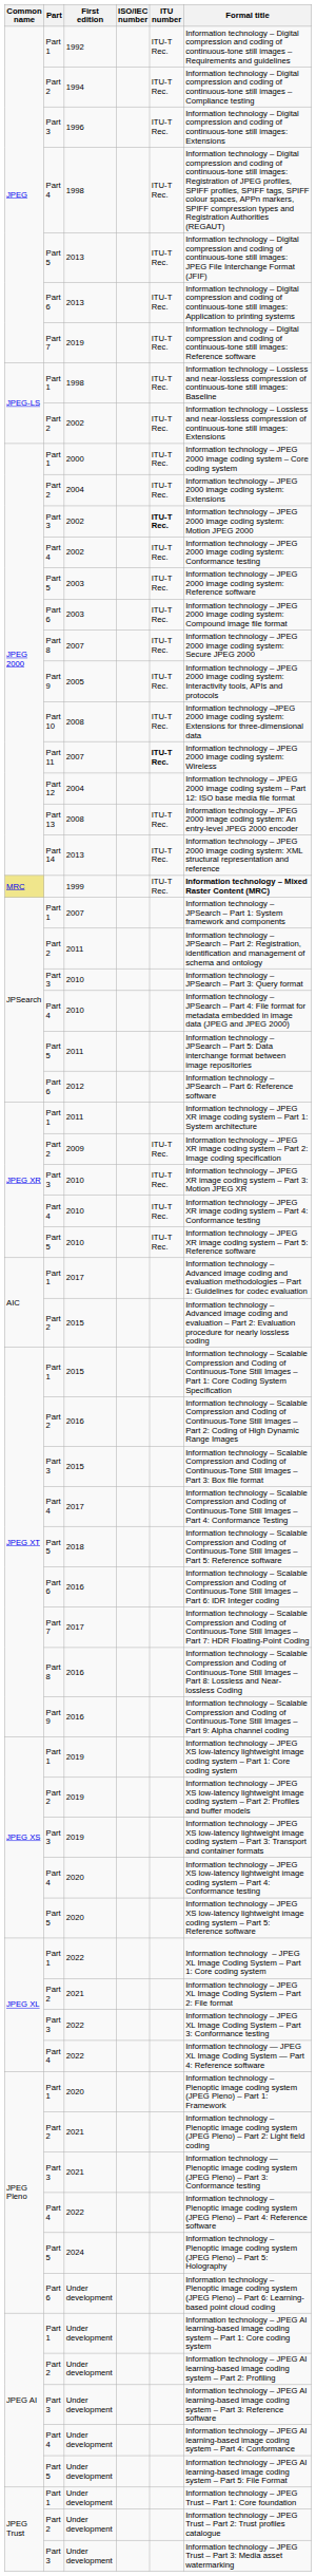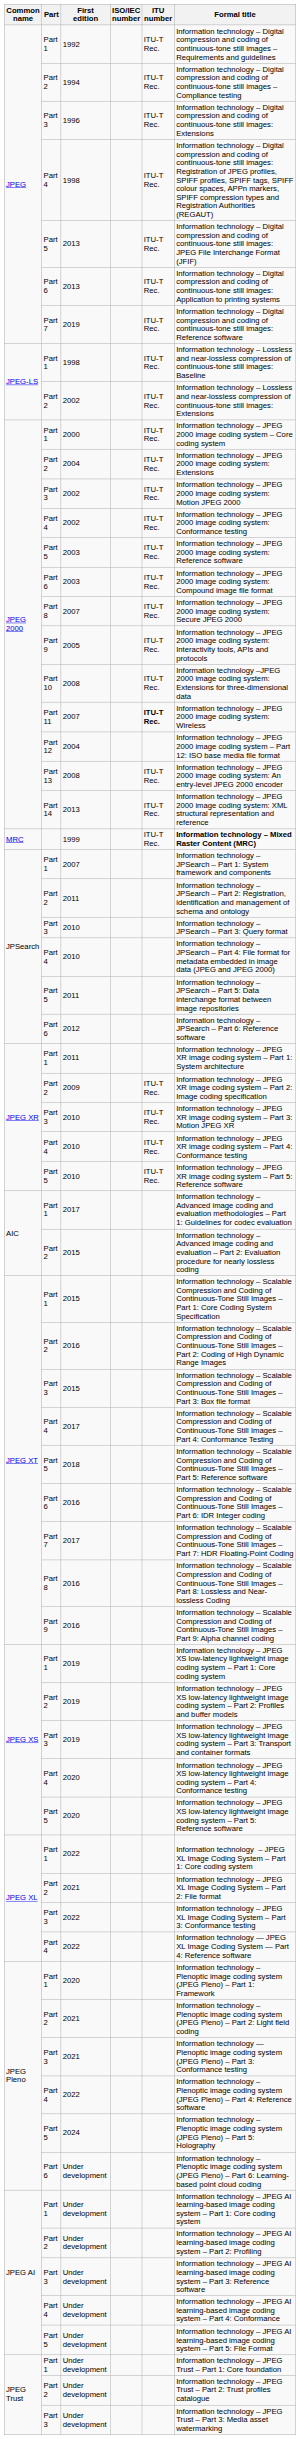 <table class="wikitable sortable">
 <tr>
 <th>Common<br>name</th>
 <th>Part</th>
 <th>First<br>edition</th>
 <th>ISO/IEC<br>number</th>
 <th>ITU<br>number</th>
 <th>Formal title</th>
 </tr>
 <tr>
 <td rowspan=7><a href='#'>JPEG</a></td>
 <td>Part 1</td>
 <td>1992</td>
 <td></td>
 <td>ITU-T Rec. </td>
 <td>Information technology – Digital compression and coding of continuous-tone still images – Requirements and guidelines</td>
 </tr>
 <tr>
 <td>Part 2</td>
 <td>1994</td>
 <td></td>
 <td>ITU-T Rec. </td>
 <td>Information technology – Digital compression and coding of continuous-tone still images – Compliance testing</td>
 </tr>
 <tr>
 <td>Part 3</td>
 <td>1996</td>
 <td></td>
 <td>ITU-T Rec. </td>
 <td>Information technology – Digital compression and coding of continuous-tone still images: Extensions</td>
 </tr>
 <tr>
 <td>Part 4</td>
 <td>1998</td>
 <td></td>
 <td>ITU-T Rec. </td>
 <td>Information technology – Digital compression and coding of continuous-tone still images: Registration of JPEG profiles, SPIFF profiles, SPIFF tags, SPIFF colour spaces, APPn markers, SPIFF compression types and Registration Authorities (REGAUT)</td>
 </tr>
 <tr>
 <td>Part 5</td>
 <td>2013</td>
 <td></td>
 <td>ITU-T Rec. </td>
 <td>Information technology – Digital compression and coding of continuous-tone still images: JPEG File Interchange Format (JFIF)</td>
 </tr>
 <tr>
 <td>Part 6</td>
 <td>2013</td>
 <td></td>
 <td>ITU-T Rec. </td>
 <td>Information technology – Digital compression and coding of continuous-tone still images: Application to printing systems</td>
 </tr>
 <tr>
 <td>Part 7</td>
 <td>2019</td>
 <td></td>
 <td>ITU-T Rec. </td>
 <td>Information technology – Digital compression and coding of continuous-tone still images: Reference software</td>
 </tr>
 <tr>
 <td rowspan=2><a href='#'>JPEG-LS</a></td>
 <td>Part 1</td>
 <td>1998</td>
 <td></td>
 <td>ITU-T Rec. </td>
 <td>Information technology – Lossless and near-lossless compression of continuous-tone still images: Baseline</td>
 </tr>
 <tr>
 <td>Part 2</td>
 <td>2002</td>
 <td></td>
 <td>ITU-T Rec. </td>
 <td>Information technology – Lossless and near-lossless compression of continuous-tone still images: Extensions</td>
 </tr>
 <tr>
 <td rowspan=13><a href='#'>JPEG 2000</a></td>
 <td>Part 1</td>
 <td>2000</td>
 <td></td>
 <td>ITU-T Rec. </td>
 <td>Information technology – JPEG 2000 image coding system – Core coding system</td>
 </tr>
 <tr>
 <td>Part 2</td>
 <td>2004</td>
 <td></td>
 <td>ITU-T Rec. </td>
 <td>Information technology – JPEG 2000 image coding system: Extensions</td>
 </tr>
 <tr>
 <td>Part 3</td>
 <td>2002</td>
 <td></td>
-<td><strong>ITU-T Rec. </strong></td>
+<td>ITU-T Rec. </td>
 <td>Information technology – JPEG 2000 image coding system: Motion JPEG 2000</td>
 </tr>
 <tr>
 <td>Part 4</td>
 <td>2002</td>
 <td></td>
 <td>ITU-T Rec. </td>
 <td>Information technology – JPEG 2000 image coding system: Conformance testing</td>
 </tr>
 <tr>
 <td>Part 5</td>
 <td>2003</td>
 <td></td>
 <td>ITU-T Rec. </td>
 <td>Information technology – JPEG 2000 image coding system: Reference software</td>
 </tr>
 <tr>
 <td>Part 6</td>
 <td>2003</td>
 <td></td>
 <td>ITU-T Rec. </td>
 <td>Information technology – JPEG 2000 image coding system: Compound image file format</td>
 </tr>
 <tr>
 <td>Part 8</td>
 <td>2007</td>
 <td></td>
 <td>ITU-T Rec. </td>
 <td>Information technology – JPEG 2000 image coding system: Secure JPEG 2000</td>
 </tr>
 <tr>
 <td>Part 9</td>
 <td>2005</td>
 <td></td>
 <td>ITU-T Rec. </td>
 <td>Information technology – JPEG 2000 image coding system: Interactivity tools, APIs and protocols</td>
 </tr>
 <tr>
 <td>Part 10</td>
 <td>2008</td>
 <td></td>
 <td>ITU-T Rec. </td>
 <td>Information technology –JPEG 2000 image coding system: Extensions for three-dimensional data</td>
 </tr>
 <tr>
 <td>Part 11</td>
 <td>2007</td>
 <td></td>
 <td><strong>ITU-T Rec. </strong></td>
 <td>Information technology – JPEG 2000 image coding system: Wireless</td>
 </tr>
 <tr>
 <td>Part 12</td>
 <td>2004</td>
 <td></td>
 <td></td>
 <td>Information technology – JPEG 2000 image coding system – Part 12: ISO base media file format</td>
 </tr>
 <tr>
 <td>Part 13</td>
 <td>2008</td>
 <td></td>
 <td>ITU-T Rec. </td>
 <td>Information technology – JPEG 2000 image coding system: An entry-level JPEG 2000 encoder</td>
 </tr>
 <tr>
 <td>Part 14</td>
 <td>2013</td>
 <td></td>
 <td>ITU-T Rec. </td>
 <td>Information technology – JPEG 2000 image coding system: XML structural representation and reference</td>
 </tr>
 <tr>
-<td style="background: khaki;"><a href='#'>MRC</a></td>
+<td><a href='#'>MRC</a></td>
 <td></td>
 <td>1999</td>
 <td></td>
 <td>ITU-T Rec. </td>
 <td><strong>Information technology – Mixed Raster Content (MRC)</strong></td>
 </tr>
 <tr>
 <td rowspan=6>JPSearch</td>
 <td>Part 1</td>
 <td>2007</td>
 <td></td>
 <td></td>
 <td>Information technology – JPSearch – Part 1: System framework and components</td>
 </tr>
 <tr>
 <td>Part 2</td>
 <td>2011</td>
 <td></td>
 <td></td>
 <td>Information technology – JPSearch – Part 2: Registration, identification and management of schema and ontology</td>
 </tr>
 <tr>
 <td>Part 3</td>
 <td>2010</td>
 <td></td>
 <td></td>
 <td>Information technology – JPSearch – Part 3: Query format</td>
 </tr>
 <tr>
 <td>Part 4</td>
 <td>2010</td>
 <td></td>
 <td></td>
 <td>Information technology – JPSearch – Part 4: File format for metadata embedded in image data (JPEG and JPEG 2000)</td>
 </tr>
 <tr>
 <td>Part 5</td>
 <td>2011</td>
 <td></td>
 <td></td>
 <td>Information technology – JPSearch – Part 5: Data interchange format between image repositories</td>
 </tr>
 <tr>
 <td>Part 6</td>
 <td>2012</td>
 <td></td>
 <td></td>
 <td>Information technology – JPSearch – Part 6: Reference software</td>
 </tr>
 <tr>
 <td rowspan=5><a href='#'>JPEG XR</a></td>
 <td>Part 1</td>
 <td>2011</td>
 <td></td>
 <td></td>
 <td>Information technology – JPEG XR image coding system – Part 1: System architecture</td>
 </tr>
 <tr>
 <td>Part 2</td>
 <td>2009</td>
 <td></td>
 <td>ITU-T Rec. </td>
 <td>Information technology – JPEG XR image coding system – Part 2: Image coding specification</td>
 </tr>
 <tr>
 <td>Part 3</td>
 <td>2010</td>
 <td></td>
 <td>ITU-T Rec. </td>
 <td>Information technology – JPEG XR image coding system – Part 3: Motion JPEG XR</td>
 </tr>
 <tr>
 <td>Part 4</td>
 <td>2010</td>
 <td></td>
 <td>ITU-T Rec. </td>
 <td>Information technology – JPEG XR image coding system – Part 4: Conformance testing</td>
 </tr>
 <tr>
 <td>Part 5</td>
 <td>2010</td>
 <td></td>
 <td>ITU-T Rec. </td>
 <td>Information technology – JPEG XR image coding system – Part 5: Reference software</td>
 </tr>
 <tr>
 <td rowspan=2>AIC</td>
 <td>Part 1</td>
 <td>2017</td>
 <td></td>
 <td></td>
 <td>Information technology – Advanced image coding and evaluation methodologies – Part 1: Guidelines for codec evaluation</td>
 </tr>
 <tr>
 <td>Part 2</td>
 <td>2015</td>
 <td></td>
 <td></td>
 <td>Information technology – Advanced image coding and evaluation – Part 2: Evaluation procedure for nearly lossless coding</td>
 </tr>
 <tr>
 <td rowspan=9><a href='#'>JPEG XT</a></td>
 <td>Part 1</td>
 <td>2015</td>
 <td></td>
 <td></td>
 <td>Information technology –  Scalable Compression and Coding of Continuous-Tone Still Images – Part 1: Core Coding System Specification</td>
 </tr>
 <tr>
 <td>Part 2</td>
 <td>2016</td>
 <td></td>
 <td></td>
 <td>Information technology –  Scalable Compression and Coding of Continuous-Tone Still Images – Part 2:  Coding of High Dynamic Range Images</td>
 </tr>
 <tr>
 <td>Part 3</td>
 <td>2015</td>
 <td></td>
 <td></td>
 <td>Information technology –  Scalable Compression and Coding of Continuous-Tone Still Images – Part 3:  Box file format</td>
 </tr>
 <tr>
 <td>Part 4</td>
 <td>2017</td>
 <td></td>
 <td></td>
 <td>Information technology –  Scalable Compression and Coding of Continuous-Tone Still Images – Part 4:  Conformance Testing</td>
 </tr>
 <tr>
 <td>Part 5</td>
 <td>2018</td>
 <td></td>
 <td></td>
 <td>Information technology –  Scalable Compression and Coding of Continuous-Tone Still Images – Part 5:  Reference software</td>
 </tr>
 <tr>
 <td>Part 6</td>
 <td>2016</td>
 <td></td>
 <td></td>
 <td>Information technology –  Scalable Compression and Coding of Continuous-Tone Still Images – Part 6:  IDR Integer coding</td>
 </tr>
 <tr>
 <td>Part 7</td>
 <td>2017</td>
 <td></td>
 <td></td>
 <td>Information technology –  Scalable Compression and Coding of Continuous-Tone Still Images – Part 7:  HDR Floating-Point Coding</td>
 </tr>
 <tr>
 <td>Part 8</td>
 <td>2016</td>
 <td></td>
 <td></td>
 <td>Information technology –  Scalable Compression and Coding of Continuous-Tone Still Images – Part 8:  Lossless and Near-lossless Coding</td>
 </tr>
 <tr>
 <td>Part 9</td>
 <td>2016</td>
 <td></td>
 <td></td>
 <td>Information technology –  Scalable Compression and Coding of Continuous-Tone Still Images – Part 9:  Alpha channel coding</td>
 </tr>
 <tr>
 <td rowspan="5"><a href='#'>JPEG XS</a></td>
 <td>Part 1</td>
 <td>2019</td>
 <td></td>
 <td></td>
 <td>Information technology – JPEG XS low-latency lightweight image coding system – Part 1: Core coding system</td>
 </tr>
 <tr>
 <td>Part 2</td>
 <td>2019</td>
 <td></td>
 <td></td>
 <td>Information technology – JPEG XS low-latency lightweight image coding system – Part 2: Profiles and buffer models</td>
 </tr>
 <tr>
 <td>Part 3</td>
 <td>2019</td>
 <td></td>
 <td></td>
 <td>Information technology – JPEG XS low-latency lightweight image coding system – Part 3: Transport and container formats</td>
 </tr>
 <tr>
 <td>Part 4</td>
 <td>2020</td>
 <td></td>
 <td></td>
 <td>Information technology – JPEG XS low-latency lightweight image coding system – Part 4: Conformance testing</td>
 </tr>
 <tr>
 <td>Part 5</td>
 <td>2020</td>
 <td></td>
 <td></td>
 <td>Information technology – JPEG XS low-latency lightweight image coding system – Part 5: Reference software</td>
 </tr>
 <tr>
 <td rowspan="4"><a href='#'>JPEG XL</a></td>
 <td>Part 1</td>
 <td>2022</td>
 <td></td>
 <td></td>
 <td><br>Information technology  – JPEG XL Image Coding System – Part 1: Core coding system</td>
 </tr>
 <tr>
 <td>Part 2</td>
 <td>2021</td>
 <td></td>
 <td></td>
 <td>Information technology – JPEG XL Image Coding System – Part 2: File format</td>
 </tr>
 <tr>
 <td>Part 3</td>
 <td>2022</td>
 <td></td>
 <td></td>
 <td>Information technology – JPEG XL Image Coding System – Part 3: Conformance testing</td>
 </tr>
 <tr>
 <td>Part 4</td>
 <td>2022</td>
 <td></td>
 <td></td>
 <td>Information technology — JPEG XL Image Coding System — Part 4: Reference software</td>
 </tr>
 <tr>
 <td rowspan="6">JPEG Pleno</td>
 <td>Part 1</td>
 <td>2020</td>
 <td></td>
 <td></td>
 <td>Information technology – Plenoptic image coding system (JPEG Pleno) – Part 1: Framework</td>
 </tr>
 <tr>
 <td>Part 2</td>
 <td>2021</td>
 <td></td>
 <td></td>
 <td>Information technology – Plenoptic image coding system (JPEG Pleno) – Part 2: Light field coding</td>
 </tr>
 <tr>
 <td>Part 3</td>
 <td>2021</td>
 <td></td>
 <td></td>
 <td>Information technology — Plenoptic image coding system (JPEG Pleno) – Part 3: Conformance testing</td>
 </tr>
 <tr>
 <td>Part 4</td>
 <td>2022</td>
 <td></td>
 <td></td>
 <td>Information technology – Plenoptic image coding system (JPEG Pleno) – Part 4: Reference software</td>
 </tr>
 <tr>
 <td>Part 5</td>
 <td>2024</td>
 <td></td>
 <td></td>
 <td>Information technology – Plenoptic image coding system (JPEG Pleno) – Part 5: Holography</td>
 </tr>
 <tr>
 <td>Part 6</td>
 <td>Under development</td>
 <td></td>
 <td></td>
 <td>Information technology – Plenoptic image coding system (JPEG Pleno) – Part 6: Learning-based point cloud coding</td>
 </tr>
 <tr>
 <td rowspan="5">JPEG AI</td>
 <td>Part 1</td>
 <td>Under development</td>
 <td></td>
 <td></td>
 <td>Information technology – JPEG AI learning-based image coding system – Part 1: Core coding system</td>
 </tr>
 <tr>
 <td>Part 2</td>
 <td>Under development</td>
 <td></td>
 <td></td>
 <td>Information technology – JPEG AI learning-based image coding system – Part 2: Profiling</td>
 </tr>
 <tr>
 <td>Part 3</td>
 <td>Under development</td>
 <td></td>
 <td></td>
 <td>Information technology – JPEG AI learning-based image coding system – Part 3: Reference software</td>
 </tr>
 <tr>
 <td>Part 4</td>
 <td>Under development</td>
 <td></td>
 <td></td>
 <td>Information technology – JPEG AI learning-based image coding system – Part 4: Conformance</td>
 </tr>
 <tr>
 <td>Part 5</td>
 <td>Under development</td>
 <td></td>
 <td></td>
 <td>Information technology – JPEG AI learning-based image coding system – Part 5: File Format</td>
 </tr>
 <tr>
 <td rowspan="3">JPEG Trust</td>
 <td>Part 1</td>
 <td>Under development</td>
 <td></td>
 <td></td>
 <td>Information technology – JPEG Trust – Part 1: Core foundation</td>
 </tr>
 <tr>
 <td>Part 2</td>
 <td>Under development</td>
 <td></td>
 <td></td>
 <td>Information technology – JPEG Trust – Part 2: Trust profiles catalogue</td>
 </tr>
 <tr>
 <td>Part 3</td>
 <td>Under development</td>
 <td></td>
 <td></td>
 <td>Information technology – JPEG Trust – Part 3: Media asset watermarking</td>
 </tr>
 </table>
